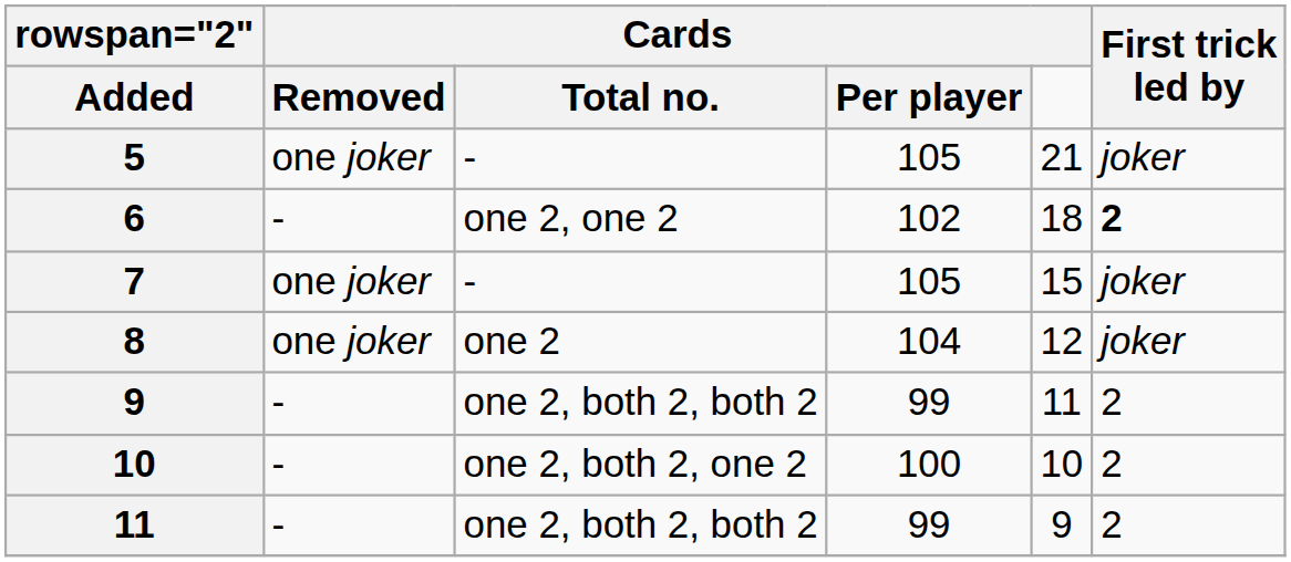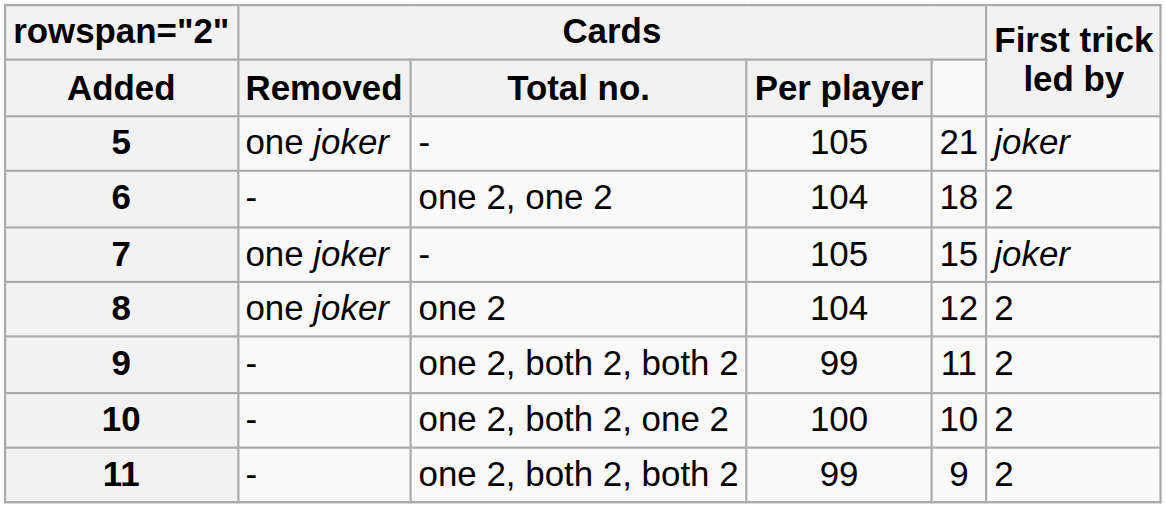 <table class="wikitable">
 <tr>
 <th>rowspan="2" </th>
 <th colspan="4">Cards</th>
 <th rowspan="2">First trick<br>led by</th>
 </tr>
 <tr>
 <th>Added</th>
 <th>Removed</th>
 <th>Total no.</th>
 <th>Per player</th>
 </tr>
 <tr>
 <th>5</th>
 <td>one <em>joker</em></td>
 <td>-</td>
 <td align="center">105</td>
 <td align="center">21</td>
 <td><em>joker</em></td>
 </tr>
 <tr>
 <th>6</th>
 <td>-</td>
 <td>one 2, one 2</td>
-<td align="center">102</td>
+<td align="center">104</td>
 <td align="center">18</td>
-<td><strong>2</strong></td>
+<td>2</td>
 </tr>
 <tr>
 <th>7</th>
 <td>one <em>joker</em></td>
 <td>-</td>
 <td align="center">105</td>
 <td align="center">15</td>
 <td><em>joker</em></td>
 </tr>
 <tr>
 <th>8</th>
 <td>one <em>joker</em></td>
 <td>one 2</td>
 <td align="center">104</td>
 <td align="center">12</td>
-<td><em>joker</em></td>
+<td>2</td>
 </tr>
 <tr>
 <th>9</th>
 <td>-</td>
 <td>one 2, both 2, both 2</td>
 <td align="center">99</td>
 <td align="center">11</td>
 <td>2</td>
 </tr>
 <tr>
 <th>10</th>
 <td>-</td>
 <td>one 2, both 2, one 2</td>
 <td align="center">100</td>
 <td align="center">10</td>
 <td>2</td>
 </tr>
 <tr>
 <th>11</th>
 <td>-</td>
 <td>one 2, both 2, both 2</td>
 <td align="center">99</td>
 <td align="center">9</td>
 <td>2</td>
 </tr>
 <tr>
 </tr>
 </table>
